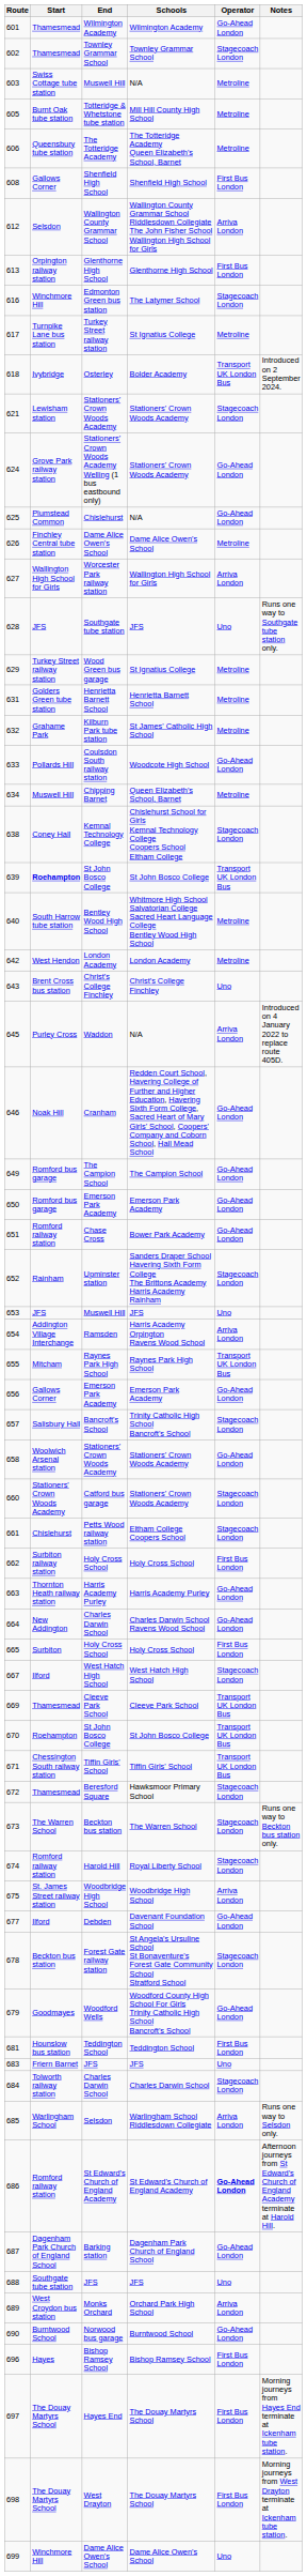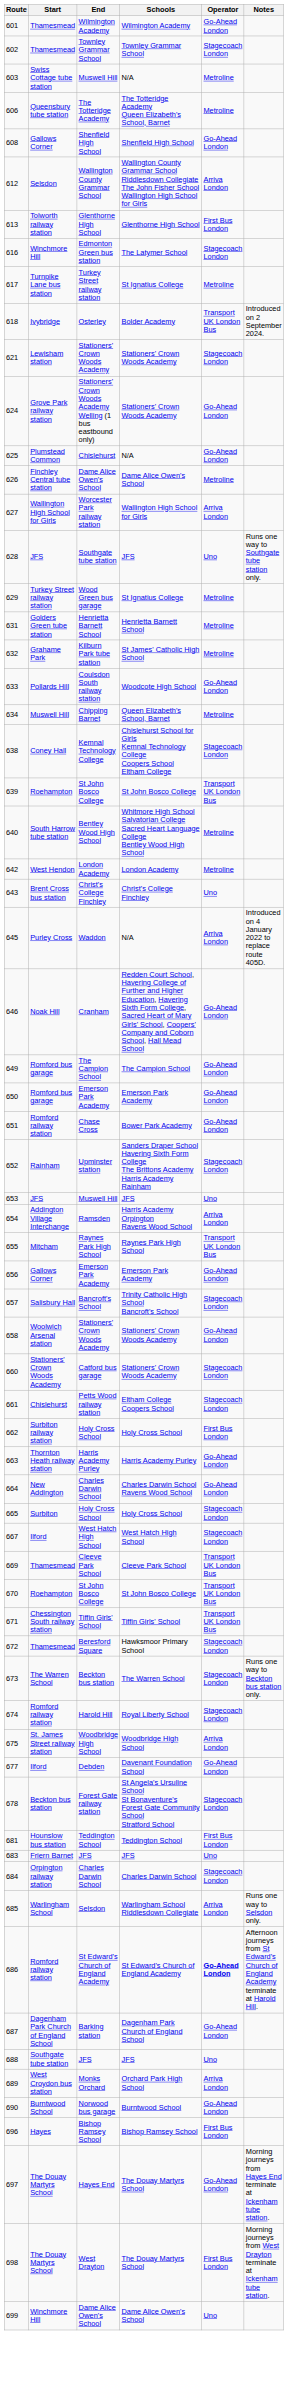 <table class="wikitable sortable">
 <tr>
 <th>Route</th>
 <th>Start</th>
 <th>End</th>
 <th style="width:170pt;">Schools</th>
 <th>Operator</th>
 <th class=unsortable>Notes</th>
 </tr>
 <tr>
 <td>601</td>
 <td><a href='#'>Thamesmead</a></td>
 <td><a href='#'>Wilmington Academy</a></td>
 <td><a href='#'>Wilmington Academy</a></td>
 <td><a href='#'>Go-Ahead London</a></td>
 <td></td>
 </tr>
 <tr>
 <td>602</td>
 <td><a href='#'>Thamesmead</a></td>
 <td><a href='#'>Townley Grammar School</a></td>
 <td><a href='#'>Townley Grammar School</a></td>
 <td><a href='#'>Stagecoach London</a></td>
 <td></td>
 </tr>
 <tr>
 <td>603</td>
 <td><a href='#'>Swiss Cottage tube station</a></td>
 <td><a href='#'>Muswell Hill</a></td>
 <td>N/A</td>
 <td><a href='#'>Metroline</a></td>
 <td></td>
 </tr>
 <tr>
-<td>605</td>
-<td><a href='#'>Burnt Oak tube station</a></td>
-<td><a href='#'>Totteridge & Whetstone tube station</a></td>
-<td><a href='#'>Mill Hill County High School</a></td>
-<td><a href='#'>Metroline</a></td>
-<td></td>
-</tr>
-<tr>
 <td>606</td>
 <td><a href='#'>Queensbury tube station</a></td>
 <td><a href='#'>The Totteridge Academy</a></td>
 <td><a href='#'>The Totteridge Academy</a><br><a href='#'>Queen Elizabeth's School, Barnet</a></td>
 <td><a href='#'>Metroline</a></td>
 <td></td>
 </tr>
 <tr>
 <td>608</td>
 <td><a href='#'>Gallows Corner</a></td>
 <td><a href='#'>Shenfield High School</a></td>
 <td><a href='#'>Shenfield High School</a></td>
-<td><a href='#'>First Bus London</a></td>
+<td><a href='#'>Go-Ahead London</a></td>
 <td></td>
 </tr>
 <tr>
 <td>612</td>
 <td><a href='#'>Selsdon</a></td>
 <td><a href='#'>Wallington County Grammar School</a></td>
 <td><a href='#'>Wallington County Grammar School</a><br><a href='#'>Riddlesdown Collegiate</a><br><a href='#'>The John Fisher School</a><br><a href='#'>Wallington High School for Girls</a></td>
 <td><a href='#'>Arriva London</a></td>
 <td></td>
 </tr>
 <tr>
 <td>613</td>
-<td><a href='#'>Orpington railway station</a></td>
+<td><a href='#'>Tolworth railway station</a></td>
 <td><a href='#'>Glenthorne High School</a></td>
 <td><a href='#'>Glenthorne High School</a></td>
 <td><a href='#'>First Bus London</a></td>
 <td></td>
 </tr>
 <tr>
 <td>616</td>
 <td><a href='#'>Winchmore Hill</a></td>
 <td><a href='#'>Edmonton Green bus station</a></td>
 <td><a href='#'>The Latymer School</a></td>
 <td><a href='#'>Stagecoach London</a></td>
 <td></td>
 </tr>
 <tr>
 <td>617</td>
 <td><a href='#'>Turnpike Lane bus station</a></td>
 <td><a href='#'>Turkey Street railway station</a></td>
 <td><a href='#'>St Ignatius College</a></td>
 <td><a href='#'>Metroline</a></td>
 <td></td>
 </tr>
 <tr>
 <td>618</td>
 <td><a href='#'>Ivybridge</a></td>
 <td><a href='#'>Osterley</a></td>
 <td><a href='#'>Bolder Academy</a></td>
 <td><a href='#'>Transport UK London Bus</a></td>
 <td>Introduced on 2 September 2024.</td>
 </tr>
 <tr>
 <td>621</td>
 <td><a href='#'>Lewisham station</a></td>
 <td><a href='#'>Stationers' Crown Woods Academy</a></td>
 <td><a href='#'>Stationers' Crown Woods Academy</a></td>
 <td><a href='#'>Stagecoach London</a></td>
 <td></td>
 </tr>
 <tr>
 <td>624</td>
 <td><a href='#'>Grove Park railway station</a></td>
 <td><a href='#'>Stationers' Crown Woods Academy</a><br><a href='#'>Welling</a> (1 bus eastbound only)</td>
 <td><a href='#'>Stationers' Crown Woods Academy</a></td>
 <td><a href='#'>Go-Ahead London</a></td>
 <td></td>
 </tr>
 <tr>
 <td>625</td>
 <td><a href='#'>Plumstead Common</a></td>
 <td><a href='#'>Chislehurst</a></td>
 <td>N/A</td>
 <td><a href='#'>Go-Ahead London</a></td>
 <td></td>
 </tr>
 <tr>
 <td>626</td>
 <td><a href='#'>Finchley Central tube station</a></td>
 <td><a href='#'>Dame Alice Owen's School</a></td>
 <td><a href='#'>Dame Alice Owen's School</a></td>
 <td><a href='#'>Metroline</a></td>
 <td></td>
 </tr>
 <tr>
 <td>627</td>
 <td><a href='#'>Wallington High School for Girls</a></td>
 <td><a href='#'>Worcester Park railway station</a></td>
 <td><a href='#'>Wallington High School for Girls</a></td>
 <td><a href='#'>Arriva London</a></td>
 <td></td>
 </tr>
 <tr>
 <td>628</td>
 <td><a href='#'>JFS</a></td>
 <td><a href='#'>Southgate tube station</a></td>
 <td><a href='#'>JFS</a></td>
 <td><a href='#'>Uno</a></td>
 <td>Runs one way to <a href='#'>Southgate tube station</a> only.</td>
 </tr>
 <tr>
 <td>629</td>
 <td><a href='#'>Turkey Street railway station</a></td>
 <td><a href='#'>Wood Green bus garage</a></td>
 <td><a href='#'>St Ignatius College</a></td>
 <td><a href='#'>Metroline</a></td>
 <td></td>
 </tr>
 <tr>
 <td>631</td>
 <td><a href='#'>Golders Green tube station</a></td>
 <td><a href='#'>Henrietta Barnett School</a></td>
 <td><a href='#'>Henrietta Barnett School</a></td>
 <td><a href='#'>Metroline</a></td>
 <td></td>
 </tr>
 <tr>
 <td>632</td>
 <td><a href='#'>Grahame Park</a></td>
 <td><a href='#'>Kilburn Park tube station</a></td>
 <td><a href='#'>St James' Catholic High School</a></td>
 <td><a href='#'>Metroline</a></td>
 <td></td>
 </tr>
 <tr>
 <td>633</td>
 <td><a href='#'>Pollards Hill</a></td>
 <td><a href='#'>Coulsdon South railway station</a></td>
 <td><a href='#'>Woodcote High School</a></td>
 <td><a href='#'>Go-Ahead London</a></td>
 <td></td>
 </tr>
 <tr>
 <td>634</td>
 <td><a href='#'>Muswell Hill</a></td>
 <td><a href='#'>Chipping Barnet</a></td>
 <td><a href='#'>Queen Elizabeth's School, Barnet</a></td>
 <td><a href='#'>Metroline</a></td>
 <td></td>
 </tr>
 <tr>
 <td>638</td>
 <td><a href='#'>Coney Hall</a></td>
 <td><a href='#'>Kemnal Technology College</a></td>
 <td><a href='#'>Chislehurst School for Girls</a><br><a href='#'>Kemnal Technology College</a><br><a href='#'>Coopers School</a><br><a href='#'>Eltham College</a></td>
 <td><a href='#'>Stagecoach London</a></td>
 <td></td>
 </tr>
 <tr>
 <td>639</td>
-<td><strong><a href='#'>Roehampton</a></strong></td>
+<td><a href='#'>Roehampton</a></td>
 <td><a href='#'>St John Bosco College</a></td>
 <td><a href='#'>St John Bosco College</a></td>
 <td><a href='#'>Transport UK London Bus</a></td>
 <td></td>
 </tr>
 <tr>
 <td>640</td>
 <td><a href='#'>South Harrow tube station</a></td>
 <td><a href='#'>Bentley Wood High School</a></td>
 <td><a href='#'>Whitmore High School</a><br><a href='#'>Salvatorian College</a><br><a href='#'>Sacred Heart Language College</a><br><a href='#'>Bentley Wood High School</a></td>
 <td><a href='#'>Metroline</a></td>
 <td></td>
 </tr>
 <tr>
 <td>642</td>
 <td><a href='#'>West Hendon</a></td>
 <td><a href='#'>London Academy</a></td>
 <td><a href='#'>London Academy</a></td>
 <td><a href='#'>Metroline</a></td>
 <td></td>
 </tr>
 <tr>
 <td>643</td>
 <td><a href='#'>Brent Cross bus station</a></td>
 <td><a href='#'>Christ's College Finchley</a></td>
 <td><a href='#'>Christ's College Finchley</a></td>
 <td><a href='#'>Uno</a></td>
 <td></td>
 </tr>
 <tr>
 <td>645</td>
 <td><a href='#'>Purley Cross</a></td>
 <td><a href='#'>Waddon</a></td>
 <td>N/A</td>
 <td><a href='#'>Arriva London</a></td>
 <td>Introduced on 4 January 2022 to replace route 405D.</td>
 </tr>
 <tr>
 <td>646</td>
 <td><a href='#'>Noak Hill</a></td>
 <td><a href='#'>Cranham</a></td>
 <td><a href='#'>Redden Court School</a>, <a href='#'>Havering College of Further and Higher Education</a>, <a href='#'>Havering Sixth Form College</a>, <a href='#'>Sacred Heart of Mary Girls' School</a>, <a href='#'>Coopers' Company and Coborn School</a>, <a href='#'>Hall Mead School</a></td>
 <td><a href='#'>Go-Ahead London</a></td>
 <td></td>
 </tr>
 <tr>
 <td>649</td>
 <td><a href='#'>Romford bus garage</a></td>
 <td><a href='#'>The Campion School</a></td>
 <td><a href='#'>The Campion School</a></td>
 <td><a href='#'>Go-Ahead London</a></td>
 <td></td>
 </tr>
 <tr>
 <td>650</td>
 <td><a href='#'>Romford bus garage</a></td>
 <td><a href='#'>Emerson Park Academy</a></td>
 <td><a href='#'>Emerson Park Academy</a></td>
 <td><a href='#'>Go-Ahead London</a></td>
 <td></td>
 </tr>
 <tr>
 <td>651</td>
 <td><a href='#'>Romford railway station</a></td>
 <td><a href='#'>Chase Cross</a></td>
 <td><a href='#'>Bower Park Academy</a></td>
 <td><a href='#'>Go-Ahead London</a></td>
 <td></td>
 </tr>
 <tr>
 <td>652</td>
 <td><a href='#'>Rainham</a></td>
 <td><a href='#'>Upminster station</a></td>
 <td><a href='#'>Sanders Draper School</a><br><a href='#'>Havering Sixth Form College</a><br><a href='#'>The Brittons Academy</a><br><a href='#'>Harris Academy Rainham</a></td>
 <td><a href='#'>Stagecoach London</a></td>
 <td></td>
 </tr>
 <tr>
 <td>653</td>
 <td><a href='#'>JFS</a></td>
 <td><a href='#'>Muswell Hill</a></td>
 <td><a href='#'>JFS</a></td>
 <td><a href='#'>Uno</a></td>
 <td></td>
 </tr>
 <tr>
 <td>654</td>
 <td><a href='#'>Addington Village Interchange</a></td>
 <td><a href='#'>Ramsden</a></td>
 <td><a href='#'>Harris Academy Orpington</a><br><a href='#'>Ravens Wood School</a></td>
 <td><a href='#'>Arriva London</a></td>
 <td></td>
 </tr>
 <tr>
 <td>655</td>
 <td><a href='#'>Mitcham</a></td>
 <td><a href='#'>Raynes Park High School</a></td>
 <td><a href='#'>Raynes Park High School</a></td>
 <td><a href='#'>Transport UK London Bus</a></td>
 <td></td>
 </tr>
 <tr>
 <td>656</td>
 <td><a href='#'>Gallows Corner</a></td>
 <td><a href='#'>Emerson Park Academy</a></td>
 <td><a href='#'>Emerson Park Academy</a></td>
 <td><a href='#'>Go-Ahead London</a></td>
 <td></td>
 </tr>
 <tr>
 <td>657</td>
 <td><a href='#'>Salisbury Hall</a></td>
 <td><a href='#'>Bancroft's School</a></td>
 <td><a href='#'>Trinity Catholic High School</a><br><a href='#'>Bancroft's School</a></td>
 <td><a href='#'>Stagecoach London</a></td>
 <td></td>
 </tr>
 <tr>
 <td>658</td>
 <td><a href='#'>Woolwich Arsenal station</a></td>
 <td><a href='#'>Stationers' Crown Woods Academy</a></td>
 <td><a href='#'>Stationers' Crown Woods Academy</a></td>
 <td><a href='#'>Go-Ahead London</a></td>
 <td></td>
 </tr>
 <tr>
 <td>660</td>
 <td><a href='#'>Stationers' Crown Woods Academy</a></td>
 <td><a href='#'>Catford bus garage</a></td>
 <td><a href='#'>Stationers' Crown Woods Academy</a></td>
 <td><a href='#'>Stagecoach London</a></td>
 <td></td>
 </tr>
 <tr>
 <td>661</td>
 <td><a href='#'>Chislehurst</a></td>
 <td><a href='#'>Petts Wood railway station</a></td>
 <td><a href='#'>Eltham College</a><br><a href='#'>Coopers School</a></td>
 <td><a href='#'>Stagecoach London</a></td>
 <td></td>
 </tr>
 <tr>
 <td>662</td>
 <td><a href='#'>Surbiton railway station</a></td>
 <td><a href='#'>Holy Cross School</a></td>
 <td><a href='#'>Holy Cross School</a></td>
 <td><a href='#'>First Bus London</a></td>
 <td></td>
 </tr>
 <tr>
 <td>663</td>
 <td><a href='#'>Thornton Heath railway station</a></td>
 <td><a href='#'>Harris Academy Purley</a></td>
 <td><a href='#'>Harris Academy Purley</a></td>
 <td><a href='#'>Go-Ahead London</a></td>
 <td></td>
 </tr>
 <tr>
 <td>664</td>
 <td><a href='#'>New Addington</a></td>
 <td><a href='#'>Charles Darwin School</a></td>
 <td><a href='#'>Charles Darwin School</a><br><a href='#'>Ravens Wood School</a></td>
 <td><a href='#'>Go-Ahead London</a></td>
 <td></td>
 </tr>
 <tr>
 <td>665</td>
 <td><a href='#'>Surbiton</a></td>
 <td><a href='#'>Holy Cross School</a></td>
 <td><a href='#'>Holy Cross School</a></td>
-<td><a href='#'>First Bus London</a></td>
+<td><a href='#'>Stagecoach London</a></td>
 <td></td>
 </tr>
 <tr>
 <td>667</td>
 <td><a href='#'>Ilford</a></td>
 <td><a href='#'>West Hatch High School</a></td>
 <td><a href='#'>West Hatch High School</a></td>
 <td><a href='#'>Stagecoach London</a></td>
 <td></td>
 </tr>
 <tr>
 <td>669</td>
 <td><a href='#'>Thamesmead</a></td>
 <td><a href='#'>Cleeve Park School</a></td>
 <td><a href='#'>Cleeve Park School</a></td>
 <td><a href='#'>Transport UK London Bus</a></td>
 <td></td>
 </tr>
 <tr>
 <td>670</td>
 <td><a href='#'>Roehampton</a></td>
 <td><a href='#'>St John Bosco College</a></td>
 <td><a href='#'>St John Bosco College</a></td>
 <td><a href='#'>Transport UK London Bus</a></td>
 <td></td>
 </tr>
 <tr>
 <td>671</td>
 <td><a href='#'>Chessington South railway station</a></td>
 <td><a href='#'>Tiffin Girls' School</a></td>
 <td><a href='#'>Tiffin Girls' School</a></td>
 <td><a href='#'>Transport UK London Bus</a></td>
 <td></td>
 </tr>
 <tr>
 <td>672</td>
 <td><a href='#'>Thamesmead</a></td>
 <td><a href='#'>Beresford Square</a></td>
 <td>Hawksmoor Primary School</td>
 <td><a href='#'>Stagecoach London</a></td>
 <td></td>
 </tr>
 <tr>
 <td>673</td>
 <td><a href='#'>The Warren School</a></td>
 <td><a href='#'>Beckton bus station</a></td>
 <td><a href='#'>The Warren School</a></td>
 <td><a href='#'>Stagecoach London</a></td>
 <td>Runs one way to <a href='#'>Beckton bus station</a> only.</td>
 </tr>
 <tr>
 <td>674</td>
 <td><a href='#'>Romford railway station</a></td>
 <td><a href='#'>Harold Hill</a></td>
 <td><a href='#'>Royal Liberty School</a></td>
 <td><a href='#'>Stagecoach London</a></td>
 <td></td>
 </tr>
 <tr>
 <td>675</td>
 <td><a href='#'>St. James Street railway station</a></td>
 <td><a href='#'>Woodbridge High School</a></td>
 <td><a href='#'>Woodbridge High School</a></td>
 <td><a href='#'>Arriva London</a></td>
 <td></td>
 </tr>
 <tr>
 <td>677</td>
 <td><a href='#'>Ilford</a></td>
 <td><a href='#'>Debden</a></td>
 <td><a href='#'>Davenant Foundation School</a></td>
 <td><a href='#'>Go-Ahead London</a></td>
 <td></td>
 </tr>
 <tr>
 <td>678</td>
 <td><a href='#'>Beckton bus station</a></td>
 <td><a href='#'>Forest Gate railway station</a></td>
 <td><a href='#'>St Angela's Ursuline School</a><br><a href='#'>St Bonaventure's</a><br><a href='#'>Forest Gate Community School</a><br><a href='#'>Stratford School</a></td>
 <td><a href='#'>Stagecoach London</a></td>
 <td></td>
 </tr>
 <tr>
-<td>679</td>
-<td><a href='#'>Goodmayes</a></td>
-<td><a href='#'>Woodford Wells</a></td>
-<td><a href='#'>Woodford County High School For Girls</a><br><a href='#'>Trinity Catholic High School</a><br><a href='#'>Bancroft's School</a></td>
-<td><a href='#'>Go-Ahead London</a></td>
-<td></td>
-</tr>
-<tr>
 <td>681</td>
 <td><a href='#'>Hounslow bus station</a></td>
 <td><a href='#'>Teddington School</a></td>
 <td><a href='#'>Teddington School</a></td>
 <td><a href='#'>First Bus London</a></td>
 <td></td>
 </tr>
 <tr>
 <td>683</td>
 <td><a href='#'>Friern Barnet</a></td>
 <td><a href='#'>JFS</a></td>
 <td><a href='#'>JFS</a></td>
 <td><a href='#'>Uno</a></td>
 <td></td>
 </tr>
 <tr>
 <td>684</td>
-<td><a href='#'>Tolworth railway station</a></td>
+<td><a href='#'>Orpington railway station</a></td>
 <td><a href='#'>Charles Darwin School</a></td>
 <td><a href='#'>Charles Darwin School</a></td>
 <td><a href='#'>Stagecoach London</a></td>
 <td></td>
 </tr>
 <tr>
 <td>685</td>
 <td><a href='#'>Warlingham School</a></td>
 <td><a href='#'>Selsdon</a></td>
 <td><a href='#'>Warlingham School</a><br><a href='#'>Riddlesdown Collegiate</a></td>
 <td><a href='#'>Arriva London</a></td>
 <td>Runs one way to <a href='#'>Selsdon</a> only.</td>
 </tr>
 <tr>
 <td>686</td>
 <td><a href='#'>Romford railway station</a></td>
 <td><a href='#'>St Edward's Church of England Academy</a></td>
 <td><a href='#'>St Edward's Church of England Academy</a></td>
 <td><strong><a href='#'>Go-Ahead London</a></strong></td>
 <td>Afternoon journeys from <a href='#'>St Edward's Church of England Academy</a> terminate at <a href='#'>Harold Hill</a>.</td>
 </tr>
 <tr>
 <td>687</td>
 <td><a href='#'>Dagenham Park Church of England School</a></td>
 <td><a href='#'>Barking station</a></td>
 <td><a href='#'>Dagenham Park Church of England School</a></td>
 <td><a href='#'>Go-Ahead London</a></td>
 <td></td>
 </tr>
 <tr>
 <td>688</td>
 <td><a href='#'>Southgate tube station</a></td>
 <td><a href='#'>JFS</a></td>
 <td><a href='#'>JFS</a></td>
 <td><a href='#'>Uno</a></td>
 <td></td>
 </tr>
 <tr>
 <td>689</td>
 <td><a href='#'>West Croydon bus station</a></td>
 <td><a href='#'>Monks Orchard</a></td>
 <td><a href='#'>Orchard Park High School</a></td>
 <td><a href='#'>Arriva London</a></td>
 <td></td>
 </tr>
 <tr>
 <td>690</td>
 <td><a href='#'>Burntwood School</a></td>
 <td><a href='#'>Norwood bus garage</a></td>
 <td><a href='#'>Burntwood School</a></td>
 <td><a href='#'>Go-Ahead London</a></td>
 <td></td>
 </tr>
 <tr>
 <td>696</td>
 <td><a href='#'>Hayes</a></td>
 <td><a href='#'>Bishop Ramsey School</a></td>
 <td><a href='#'>Bishop Ramsey School</a></td>
 <td><a href='#'>First Bus London</a></td>
 <td></td>
 </tr>
 <tr>
 <td>697</td>
 <td><a href='#'>The Douay Martyrs School</a></td>
 <td><a href='#'>Hayes End</a></td>
 <td><a href='#'>The Douay Martyrs School</a></td>
-<td><a href='#'>First Bus London</a></td>
+<td><a href='#'>Go-Ahead London</a></td>
 <td>Morning journeys from <a href='#'>Hayes End</a> terminate at <a href='#'>Ickenham tube station</a>.</td>
 </tr>
 <tr>
 <td>698</td>
 <td><a href='#'>The Douay Martyrs School</a></td>
 <td><a href='#'>West Drayton</a></td>
 <td><a href='#'>The Douay Martyrs School</a></td>
 <td><a href='#'>First Bus London</a></td>
 <td>Morning journeys from <a href='#'>West Drayton</a> terminate at <a href='#'>Ickenham tube station</a>.</td>
 </tr>
 <tr>
 <td>699</td>
 <td><a href='#'>Winchmore Hill</a></td>
 <td><a href='#'>Dame Alice Owen's School</a></td>
 <td><a href='#'>Dame Alice Owen's School</a></td>
 <td><a href='#'>Uno</a></td>
 <td></td>
 </tr>
 </table>
